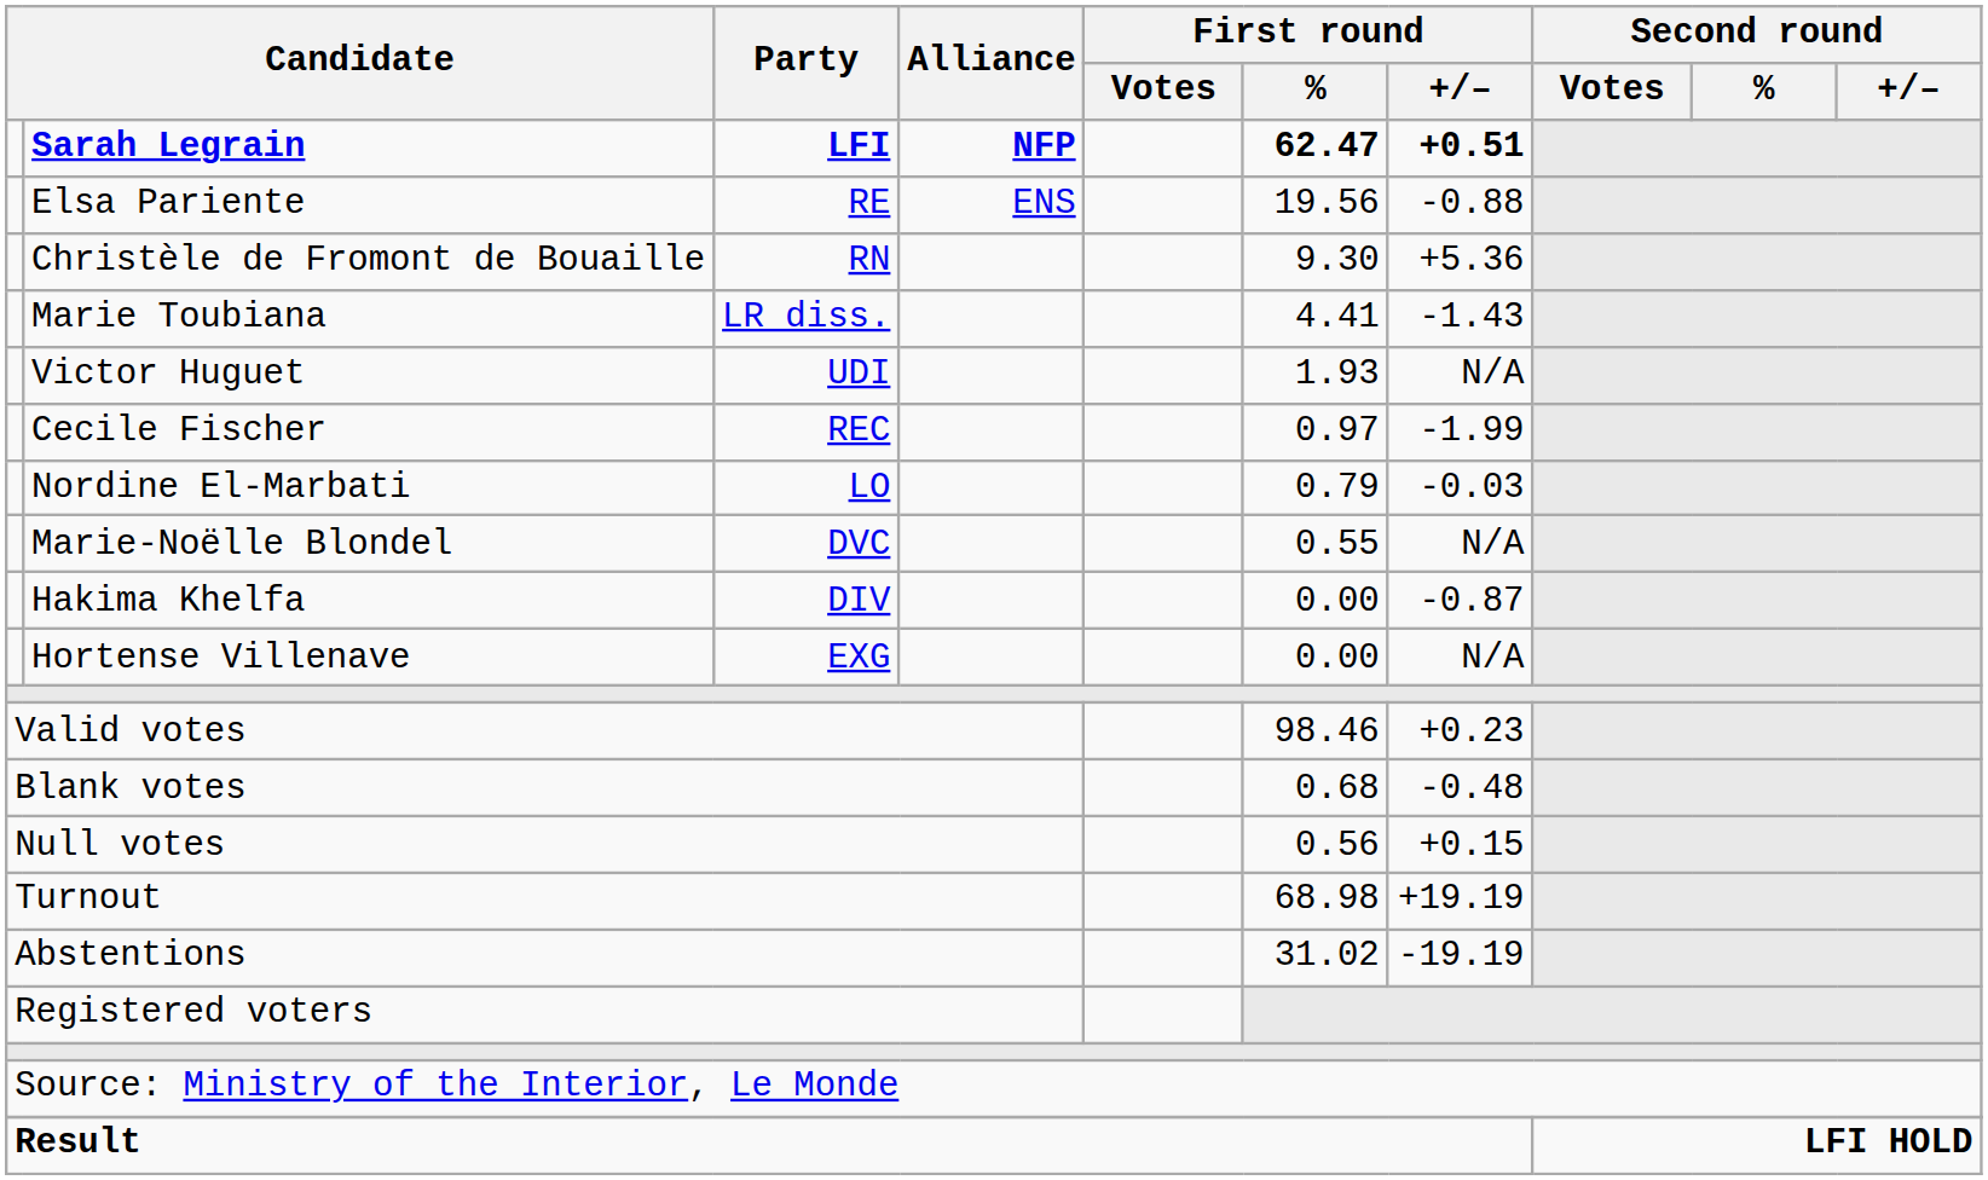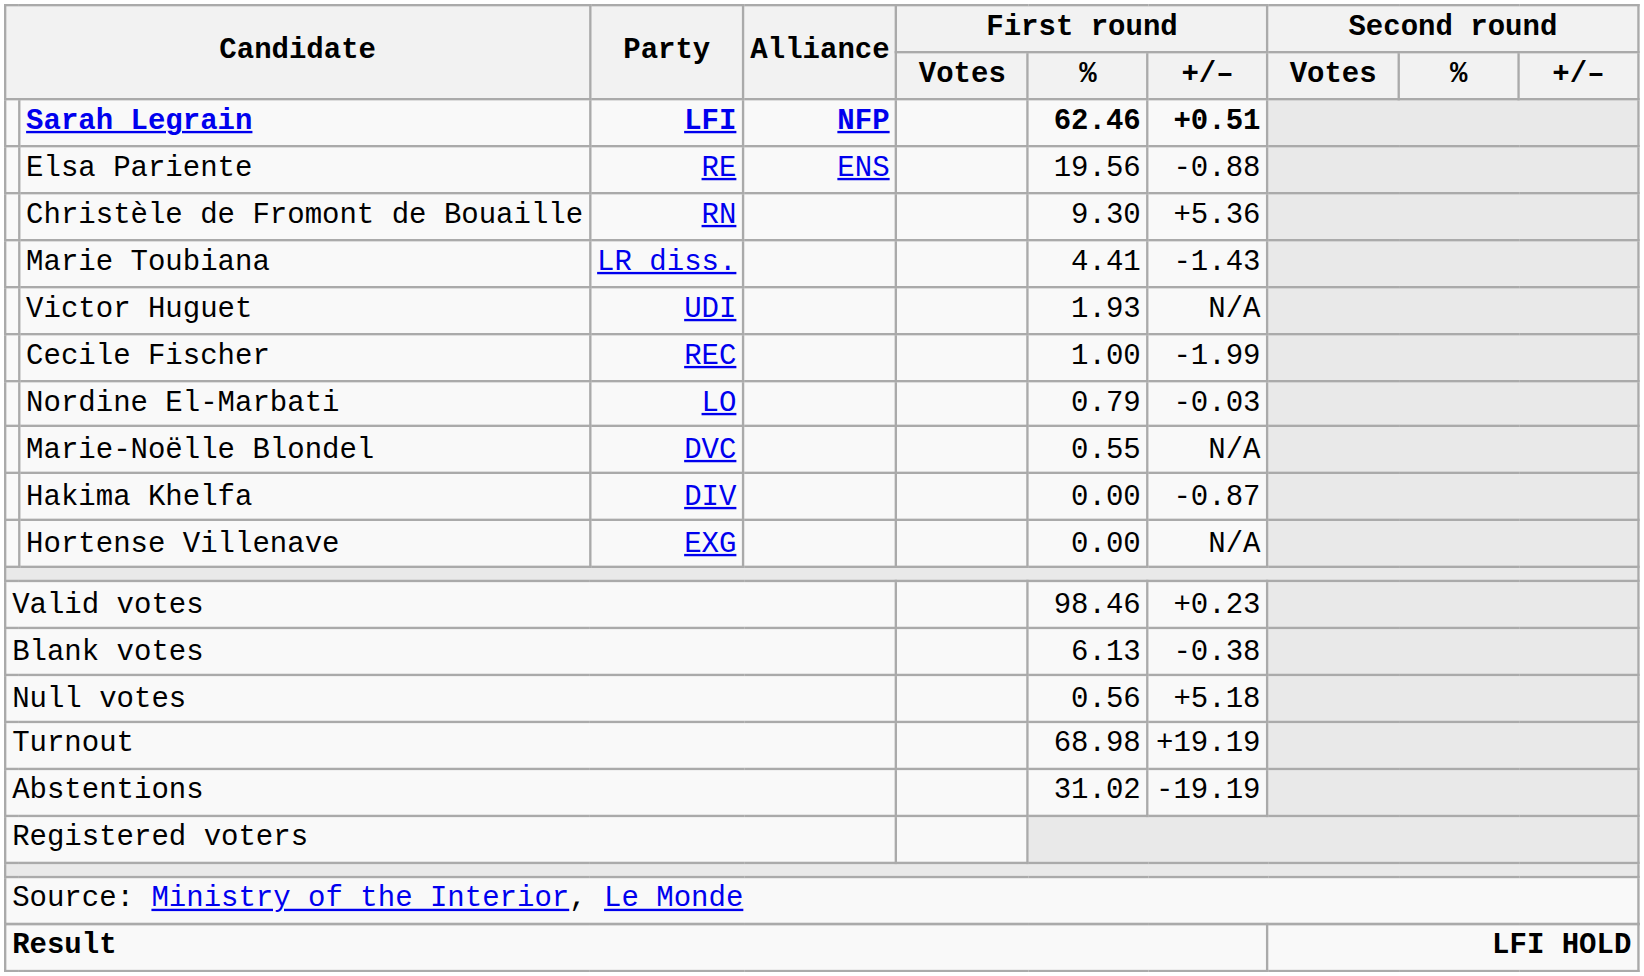 <table class="wikitable" style="text-align:right;font-size:95%;">
 <tr>
 <th rowspan="2" colspan="2">Candidate</th>
 <th rowspan="2">Party</th>
 <th rowspan="2">Alliance</th>
 <th colspan="3">First round</th>
 <th colspan="3">Second round</th>
 </tr>
 <tr>
 <th style="width:50px;">Votes</th>
 <th style="width:45px;">%</th>
 <th style="width:45px;">+/–</th>
 <th style="width:50px;">Votes</th>
 <th style="width:45px;">%</th>
 <th style="width:45px;">+/–</th>
 </tr>
 <tr>
 <td style="color:inherit;background:"></td>
 <td style="text-align:left;"><strong><a href='#'>Sarah Legrain</a></strong></td>
 <td><a href='#'><strong>LFI</strong></a></td>
 <td><a href='#'><strong>NFP</strong></a></td>
 <td><strong></strong></td>
-<td><strong>62.47</strong></td>
+<td><strong>62.46</strong></td>
 <td><strong>+0.51</strong></td>
 <td colspan="3" style="background:#E9E9E9;"></td>
 </tr>
 <tr>
 <td style="color:inherit;background:"></td>
 <td style="text-align:left;">Elsa Pariente</td>
 <td><a href='#'>RE</a></td>
 <td><a href='#'>ENS</a></td>
 <td></td>
 <td>19.56</td>
 <td>-0.88</td>
 <td colspan="3" style="background:#E9E9E9;"></td>
 </tr>
 <tr>
 <td style="color:inherit;background:"></td>
 <td style="text-align:left;">Christèle de Fromont de Bouaille</td>
 <td><a href='#'>RN</a></td>
 <td></td>
 <td></td>
 <td>9.30</td>
 <td>+5.36</td>
 <td colspan="3" style="background:#E9E9E9;"></td>
 </tr>
 <tr>
 <td style="color:inherit;background:"></td>
 <td style="text-align:left;">Marie Toubiana</td>
 <td><a href='#'>LR diss.</a></td>
 <td></td>
 <td></td>
 <td>4.41</td>
 <td>-1.43</td>
 <td colspan="3" style="background:#E9E9E9;"></td>
 </tr>
 <tr>
 <td style="color:inherit;background:"></td>
 <td style="text-align:left;">Victor Huguet</td>
 <td><a href='#'>UDI</a></td>
 <td></td>
 <td></td>
 <td>1.93</td>
 <td>N/A</td>
 <td colspan="3" style="background:#E9E9E9;"></td>
 </tr>
 <tr>
 <td style="color:inherit;background:"></td>
 <td style="text-align:left;">Cecile Fischer</td>
 <td><a href='#'>REC</a></td>
 <td></td>
 <td></td>
-<td>0.97</td>
+<td>1.00</td>
 <td>-1.99</td>
 <td colspan="3" style="background:#E9E9E9;"></td>
 </tr>
 <tr>
 <td style="color:inherit;background:"></td>
 <td style="text-align:left;">Nordine El-Marbati</td>
 <td><a href='#'>LO</a></td>
 <td></td>
 <td></td>
 <td>0.79</td>
 <td>-0.03</td>
 <td colspan="3" style="background:#E9E9E9;"></td>
 </tr>
 <tr>
 <td style="color:inherit;background:"></td>
 <td style="text-align:left;">Marie-Noëlle Blondel</td>
 <td><a href='#'>DVC</a></td>
 <td></td>
 <td></td>
 <td>0.55</td>
 <td>N/A</td>
 <td colspan="3" style="background:#E9E9E9;"></td>
 </tr>
 <tr>
 <td style="color:inherit;background:"></td>
 <td style="text-align:left;">Hakima Khelfa</td>
 <td><a href='#'>DIV</a></td>
 <td></td>
 <td></td>
 <td>0.00</td>
 <td>-0.87</td>
 <td colspan="3" style="background:#E9E9E9;"></td>
 </tr>
 <tr>
 <td style="color:inherit;background:"></td>
 <td style="text-align:left;">Hortense Villenave</td>
 <td><a href='#'>EXG</a></td>
 <td></td>
 <td></td>
 <td>0.00</td>
 <td>N/A</td>
 <td colspan="3" style="background:#E9E9E9;"></td>
 </tr>
 <tr>
 <td colspan="10" style="background:#E9E9E9;"></td>
 </tr>
 <tr>
 <td colspan="4" style="text-align:left;">Valid votes</td>
 <td></td>
 <td>98.46</td>
 <td>+0.23</td>
 <td colspan="3" style="background:#E9E9E9;"></td>
 </tr>
 <tr>
 <td colspan="4" style="text-align:left;">Blank votes</td>
 <td></td>
-<td>0.68</td>
-<td>-0.48</td>
+<td>6.13</td>
+<td>-0.38</td>
 <td colspan="3" style="background:#E9E9E9;"></td>
 </tr>
 <tr>
 <td colspan="4" style="text-align:left;">Null votes</td>
 <td></td>
 <td>0.56</td>
-<td>+0.15</td>
+<td>+5.18</td>
 <td colspan="3" style="background:#E9E9E9;"></td>
 </tr>
 <tr>
 <td colspan="4" style="text-align:left;">Turnout</td>
 <td></td>
 <td>68.98</td>
 <td>+19.19</td>
 <td colspan="3" style="background:#E9E9E9;"></td>
 </tr>
 <tr>
 <td colspan="4" style="text-align:left;">Abstentions</td>
 <td></td>
 <td>31.02</td>
 <td>-19.19</td>
 <td colspan="3" style="background:#E9E9E9;"></td>
 </tr>
 <tr>
 <td colspan="4" style="text-align:left;">Registered voters</td>
 <td></td>
 <td colspan="5" style="background:#E9E9E9;"></td>
 </tr>
 <tr>
 <td colspan="10" style="background:#E9E9E9;"></td>
 </tr>
 <tr>
 <td colspan="10" style="text-align:left;">Source: <a href='#'>Ministry of the Interior</a>, <a href='#'>Le Monde</a></td>
 </tr>
 <tr>
 </tr>
 <tr style="font-weight:bold">
 <td colspan="7" style="text-align:left;">Result</td>
 <td colspan="7" style="background-color:">LFI HOLD</td>
 </tr>
 </table>
